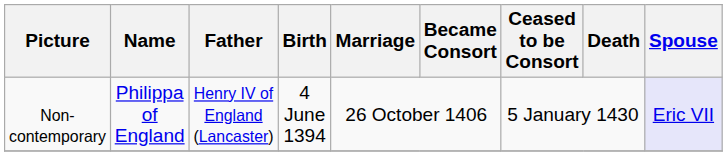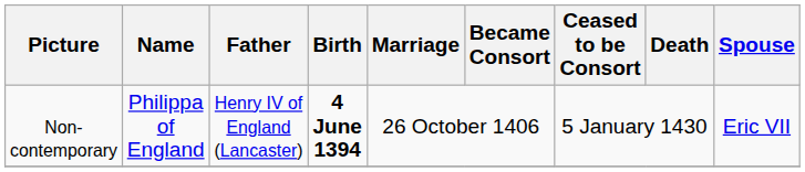 <table width=95% class="wikitable">
 <tr>
 <th width = "8%">Picture</th>
 <th width = "10%">Name</th>
 <th width = "9%">Father</th>
 <th width = "10%">Birth</th>
 <th width = "9%">Marriage</th>
 <th width = "9%">Became Consort</th>
 <th width = "9%">Ceased to be Consort</th>
 <th width = "9%">Death</th>
 <th width = "6%"><a href='#'>Spouse</a></th>
 </tr>
 <tr>
 <td align="center"><br><small>Non-contemporary</small></td>
 <td align="center"><a href='#'>Philippa of England</a><br></td>
 <td align="center"><small><a href='#'>Henry IV of England</a><br>(<a href='#'>Lancaster</a>)</small></td>
-<td align="center">4 June 1394</td>
+<td align="center"><strong>4 June 1394</strong></td>
 <td align="center" colspan="2">26 October 1406</td>
 <td align="center" colspan="2">5 January 1430</td>
-<td align="center" style="background: lavender;"><a href='#'>Eric VII</a></td>
+<td align="center"><a href='#'>Eric VII</a></td>
 </tr>
 <tr>
 </tr>
 </table>
